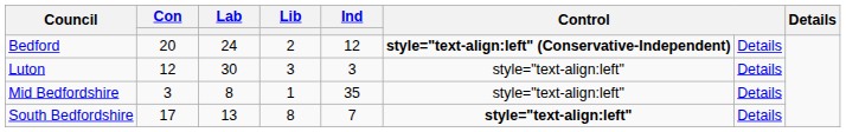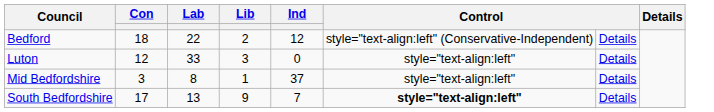 <table class="wikitable" style="text-align:center;">
 <tr>
 <th rowspan=2>Council</th>
 <th style="width:60px;"><a href='#'>Con</a></th>
 <th style="width:60px;"><a href='#'>Lab</a></th>
 <th style="width:60px;"><a href='#'>Lib</a></th>
 <th style="width:60px;"><a href='#'>Ind</a></th>
 <th rowspan=2 colspan=2>Control</th>
 <th rowspan=2>Details</th>
 </tr>
 <tr>
 <th style="background:"></th>
 <th style="background:"></th>
 <th style="background:"></th>
 <th style="background:"></th>
 </tr>
 <tr>
 <td style="text-align:left"><a href='#'>Bedford</a></td>
-<td>20</td>
-<td>24</td>
+<td>18</td>
+<td>22</td>
 <td>2</td>
 <td>12</td>
-<td><strong>style="text-align:left"  (Conservative-Independent)</strong></td>
+<td>style="text-align:left"  (Conservative-Independent)</td>
 <td style="text-align:left"><a href='#'>Details</a></td>
 </tr>
 <tr>
 <td style="text-align:left"><a href='#'>Luton</a></td>
 <td>12</td>
-<td>30</td>
+<td>33</td>
 <td>3</td>
-<td>3</td>
+<td>0</td>
 <td>style="text-align:left" </td>
 <td style="text-align:left"><a href='#'>Details</a></td>
 </tr>
 <tr>
 <td style="text-align:left"><a href='#'>Mid Bedfordshire</a></td>
 <td>3</td>
 <td>8</td>
 <td>1</td>
-<td>35</td>
+<td>37</td>
 <td>style="text-align:left" </td>
 <td style="text-align:left"><a href='#'>Details</a></td>
 </tr>
 <tr>
 <td style="text-align:left"><a href='#'>South Bedfordshire</a></td>
 <td>17</td>
 <td>13</td>
-<td>8</td>
+<td>9</td>
 <td>7</td>
 <td><strong>style="text-align:left" </strong></td>
 <td style="text-align:left"><a href='#'>Details</a></td>
 </tr>
 </table>
